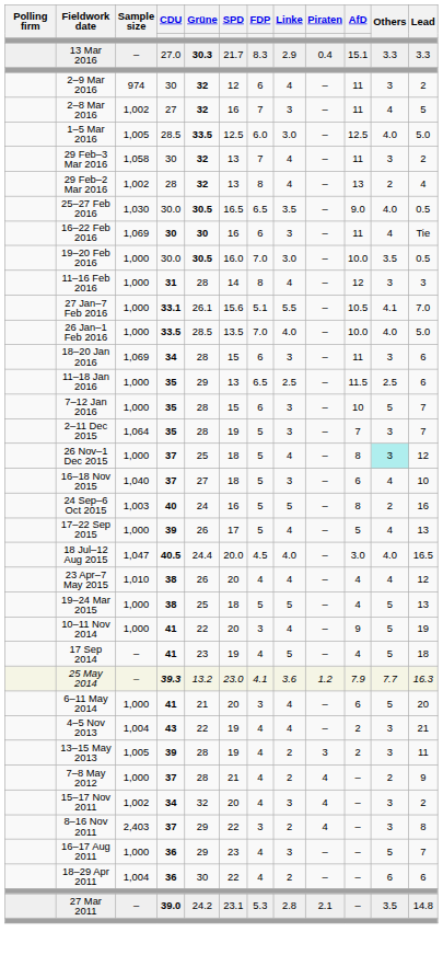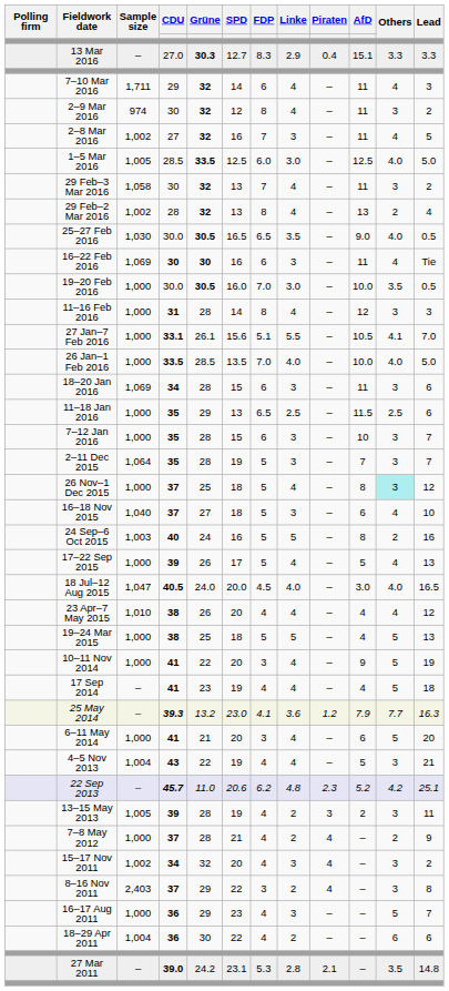 <table class="wikitable sortable" style="text-align:center;font-size:90%;line-height:14px;">
 <tr style="height:40px;">
 <th style="width:150px;" rowspan="2">Polling firm</th>
 <th style="width:125px;" rowspan="2">Fieldwork date</th>
 <th style="width:35px;" rowspan="2">Sample<br>size</th>
 <th class="unsortable" style="width:40px;"><a href='#'>CDU</a></th>
 <th class="unsortable" style="width:40px;"><a href='#'>Grüne</a></th>
 <th class="unsortable" style="width:40px;"><a href='#'>SPD</a></th>
 <th class="unsortable" style="width:40px;"><a href='#'>FDP</a></th>
 <th class="unsortable" style="width:40px;"><a href='#'>Linke</a></th>
 <th class="unsortable" style="width:40px;"><a href='#'>Piraten</a></th>
 <th class="unsortable" style="width:40px;"><a href='#'>AfD</a></th>
 <th class="unsortable" style="width:40px;" rowspan="2">Others</th>
 <th style="width:30px;" rowspan="2">Lead</th>
 </tr>
 <tr>
 <th style="background:"></th>
 <th style="background:"></th>
 <th style="background:"></th>
 <th style="background:"></th>
 <th style="background:"></th>
 <th style="background:"></th>
 <th style="background:"></th>
 </tr>
 <tr>
 <td colspan="12" style="background:#A0A0A0"></td>
 </tr>
 <tr style="background:#EFEFEF;">
 <td></td>
 <td data-sort-value="2016-03-13">13 Mar 2016</td>
 <td>–</td>
 <td>27.0</td>
 <td><strong>30.3</strong></td>
-<td>21.7</td>
+<td>12.7</td>
 <td>8.3</td>
 <td>2.9</td>
 <td>0.4</td>
 <td>15.1</td>
 <td>3.3</td>
 <td style="background:">3.3</td>
 </tr>
 <tr>
 <td colspan="12" style="background:#A0A0A0"></td>
 </tr>
 <tr>
 <td></td>
+<td data-sort-value="2016-03-10">7–10 Mar 2016</td>
+<td>1,711</td>
+<td>29</td>
+<td><strong>32</strong></td>
+<td>14</td>
+<td>6</td>
+<td>4</td>
+<td>–</td>
+<td>11</td>
+<td>4</td>
+<td style="background:">3</td>
+</tr>
+<tr>
+<td></td>
 <td data-sort-value="2016-03-09">2–9 Mar 2016</td>
 <td>974</td>
 <td>30</td>
 <td><strong>32</strong></td>
 <td>12</td>
-<td>6</td>
+<td>8</td>
 <td>4</td>
 <td>–</td>
 <td>11</td>
 <td>3</td>
 <td style="background:">2</td>
 </tr>
 <tr>
 <td></td>
 <td data-sort-value="2016-03-08">2–8 Mar 2016</td>
 <td>1,002</td>
 <td>27</td>
 <td><strong>32</strong></td>
 <td>16</td>
 <td>7</td>
 <td>3</td>
 <td>–</td>
 <td>11</td>
 <td>4</td>
 <td style="background:">5</td>
 </tr>
 <tr>
 <td></td>
 <td data-sort-value="2016-03-05">1–5 Mar 2016</td>
 <td>1,005</td>
 <td>28.5</td>
 <td><strong>33.5</strong></td>
 <td>12.5</td>
 <td>6.0</td>
 <td>3.0</td>
 <td>–</td>
 <td>12.5</td>
 <td>4.0</td>
 <td style="background:">5.0</td>
 </tr>
 <tr>
 <td></td>
 <td data-sort-value="2016-03-03">29 Feb–3 Mar 2016</td>
 <td>1,058</td>
 <td>30</td>
 <td><strong>32</strong></td>
 <td>13</td>
 <td>7</td>
 <td>4</td>
 <td>–</td>
 <td>11</td>
 <td>3</td>
 <td style="background:">2</td>
 </tr>
 <tr>
 <td></td>
 <td data-sort-value="2016-03-02">29 Feb–2 Mar 2016</td>
 <td>1,002</td>
 <td>28</td>
 <td><strong>32</strong></td>
 <td>13</td>
 <td>8</td>
 <td>4</td>
 <td>–</td>
 <td>13</td>
 <td>2</td>
 <td style="background:">4</td>
 </tr>
 <tr>
 <td></td>
 <td data-sort-value="2016-02-27">25–27 Feb 2016</td>
 <td>1,030</td>
 <td>30.0</td>
 <td><strong>30.5</strong></td>
 <td>16.5</td>
 <td>6.5</td>
 <td>3.5</td>
 <td>–</td>
 <td>9.0</td>
 <td>4.0</td>
 <td style="background:">0.5</td>
 </tr>
 <tr>
 <td></td>
 <td data-sort-value="2016-02-22">16–22 Feb 2016</td>
 <td>1,069</td>
 <td><strong>30</strong></td>
 <td><strong>30</strong></td>
 <td>16</td>
 <td>6</td>
 <td>3</td>
 <td>–</td>
 <td>11</td>
 <td>4</td>
 <td data-sort-value="0">Tie</td>
 </tr>
 <tr>
 <td></td>
 <td data-sort-value="2016-02-20">19–20 Feb 2016</td>
 <td>1,000</td>
 <td>30.0</td>
 <td><strong>30.5</strong></td>
 <td>16.0</td>
 <td>7.0</td>
 <td>3.0</td>
 <td>–</td>
 <td>10.0</td>
 <td>3.5</td>
 <td style="background:">0.5</td>
 </tr>
 <tr>
 <td></td>
 <td data-sort-value="2016-02-16">11–16 Feb 2016</td>
 <td>1,000</td>
 <td><strong>31</strong></td>
 <td>28</td>
 <td>14</td>
 <td>8</td>
 <td>4</td>
 <td>–</td>
 <td>12</td>
 <td>3</td>
 <td style="background:">3</td>
 </tr>
 <tr>
 <td></td>
 <td data-sort-value="2016-02-07">27 Jan–7 Feb 2016</td>
 <td>1,000</td>
 <td><strong>33.1</strong></td>
 <td>26.1</td>
 <td>15.6</td>
 <td>5.1</td>
 <td>5.5</td>
 <td>–</td>
 <td>10.5</td>
 <td>4.1</td>
 <td style="background:">7.0</td>
 </tr>
 <tr>
 <td></td>
 <td data-sort-value="2016-02-01">26 Jan–1 Feb 2016</td>
 <td>1,000</td>
 <td><strong>33.5</strong></td>
 <td>28.5</td>
 <td>13.5</td>
 <td>7.0</td>
 <td>4.0</td>
 <td>–</td>
 <td>10.0</td>
 <td>4.0</td>
 <td style="background:">5.0</td>
 </tr>
 <tr>
 <td></td>
 <td data-sort-value="2016-01-20">18–20 Jan 2016</td>
 <td>1,069</td>
 <td><strong>34</strong></td>
 <td>28</td>
 <td>15</td>
 <td>6</td>
 <td>3</td>
 <td>–</td>
 <td>11</td>
 <td>3</td>
 <td style="background:">6</td>
 </tr>
 <tr>
 <td></td>
 <td data-sort-value="2016-01-18">11–18 Jan 2016</td>
 <td>1,000</td>
 <td><strong>35</strong></td>
 <td>29</td>
 <td>13</td>
 <td>6.5</td>
 <td>2.5</td>
 <td>–</td>
 <td>11.5</td>
 <td>2.5</td>
 <td style="background:">6</td>
 </tr>
 <tr>
 <td></td>
 <td data-sort-value="2016-01-12">7–12 Jan 2016</td>
 <td>1,000</td>
 <td><strong>35</strong></td>
 <td>28</td>
 <td>15</td>
 <td>6</td>
 <td>3</td>
 <td>–</td>
 <td>10</td>
-<td>5</td>
+<td>3</td>
 <td style="background:">7</td>
 </tr>
 <tr>
 <td></td>
 <td data-sort-value="2015-12-11">2–11 Dec 2015</td>
 <td>1,064</td>
 <td><strong>35</strong></td>
 <td>28</td>
 <td>19</td>
 <td>5</td>
 <td>3</td>
 <td>–</td>
 <td>7</td>
 <td>3</td>
 <td style="background:">7</td>
 </tr>
 <tr>
 <td></td>
 <td data-sort-value="2015-12-01">26 Nov–1 Dec 2015</td>
 <td>1,000</td>
 <td><strong>37</strong></td>
 <td>25</td>
 <td>18</td>
 <td>5</td>
 <td>4</td>
 <td>–</td>
 <td>8</td>
 <td style="background: paleturquoise;">3</td>
 <td style="background:">12</td>
 </tr>
 <tr>
 <td></td>
 <td data-sort-value="2015-11-18">16–18 Nov 2015</td>
 <td>1,040</td>
 <td><strong>37</strong></td>
 <td>27</td>
 <td>18</td>
 <td>5</td>
 <td>3</td>
 <td>–</td>
 <td>6</td>
 <td>4</td>
 <td style="background:">10</td>
 </tr>
 <tr>
 <td></td>
 <td data-sort-value="2015-10-06">24 Sep–6 Oct 2015</td>
 <td>1,003</td>
 <td><strong>40</strong></td>
 <td>24</td>
 <td>16</td>
 <td>5</td>
 <td>5</td>
 <td>–</td>
 <td>8</td>
 <td>2</td>
 <td style="background:">16</td>
 </tr>
 <tr>
 <td></td>
 <td data-sort-value="2015-09-22">17–22 Sep 2015</td>
 <td>1,000</td>
 <td><strong>39</strong></td>
 <td>26</td>
 <td>17</td>
 <td>5</td>
 <td>4</td>
 <td>–</td>
 <td>5</td>
 <td>4</td>
 <td style="background:">13</td>
 </tr>
 <tr>
 <td></td>
 <td data-sort-value="2015-08-12">18 Jul–12 Aug 2015</td>
 <td>1,047</td>
 <td><strong>40.5</strong></td>
-<td>24.4</td>
+<td>24.0</td>
 <td>20.0</td>
 <td>4.5</td>
 <td>4.0</td>
 <td>–</td>
 <td>3.0</td>
 <td>4.0</td>
 <td style="background:">16.5</td>
 </tr>
 <tr>
 <td></td>
 <td data-sort-value="2015-05-07">23 Apr–7 May 2015</td>
 <td>1,010</td>
 <td><strong>38</strong></td>
 <td>26</td>
 <td>20</td>
 <td>4</td>
 <td>4</td>
 <td>–</td>
 <td>4</td>
 <td>4</td>
 <td style="background:">12</td>
 </tr>
 <tr>
 <td></td>
 <td data-sort-value="2015-03-24">19–24 Mar 2015</td>
 <td>1,000</td>
 <td><strong>38</strong></td>
 <td>25</td>
 <td>18</td>
 <td>5</td>
 <td>5</td>
 <td>–</td>
 <td>4</td>
 <td>5</td>
 <td style="background:">13</td>
 </tr>
 <tr>
 <td></td>
 <td data-sort-value="2014-11-11">10–11 Nov 2014</td>
 <td>1,000</td>
 <td><strong>41</strong></td>
 <td>22</td>
 <td>20</td>
 <td>3</td>
 <td>4</td>
 <td>–</td>
 <td>9</td>
 <td>5</td>
 <td style="background:">19</td>
 </tr>
 <tr>
 <td></td>
 <td data-sort-value="2014-09-17">17 Sep 2014</td>
 <td>–</td>
 <td><strong>41</strong></td>
 <td>23</td>
 <td>19</td>
 <td>4</td>
-<td>5</td>
+<td>4</td>
 <td>–</td>
 <td>4</td>
 <td>5</td>
 <td style="background:">18</td>
 </tr>
 <tr style="background:#F5F5E5;font-style:italic;">
 <td></td>
 <td data-sort-value="2014-05-25">25 May 2014</td>
 <td>–</td>
 <td><strong>39.3</strong></td>
 <td>13.2</td>
 <td>23.0</td>
 <td>4.1</td>
 <td>3.6</td>
 <td>1.2</td>
 <td>7.9</td>
 <td>7.7</td>
 <td style="background:">16.3</td>
 </tr>
 <tr>
 <td></td>
 <td data-sort-value="2014-05-11">6–11 May 2014</td>
 <td>1,000</td>
 <td><strong>41</strong></td>
 <td>21</td>
 <td>20</td>
 <td>3</td>
 <td>4</td>
 <td>–</td>
 <td>6</td>
 <td>5</td>
 <td style="background:">20</td>
 </tr>
 <tr>
 <td></td>
 <td data-sort-value="2013-11-05">4–5 Nov 2013</td>
 <td>1,004</td>
 <td><strong>43</strong></td>
 <td>22</td>
 <td>19</td>
 <td>4</td>
 <td>4</td>
 <td>–</td>
-<td>2</td>
+<td>5</td>
 <td>3</td>
 <td style="background:">21</td>
+</tr>
+<tr style="background:#E5E5F5;font-style:italic;">
+<td></td>
+<td data-sort-value="2013-09-22">22 Sep 2013</td>
+<td>–</td>
+<td><strong>45.7</strong></td>
+<td>11.0</td>
+<td>20.6</td>
+<td>6.2</td>
+<td>4.8</td>
+<td>2.3</td>
+<td>5.2</td>
+<td>4.2</td>
+<td style="background:">25.1</td>
 </tr>
 <tr>
 <td></td>
 <td data-sort-value="2013-05-15">13–15 May 2013</td>
 <td>1,005</td>
 <td><strong>39</strong></td>
 <td>28</td>
 <td>19</td>
 <td>4</td>
 <td>2</td>
 <td>3</td>
 <td>2</td>
 <td>3</td>
 <td style="background:">11</td>
 </tr>
 <tr>
 <td></td>
 <td data-sort-value="2012-05-08">7–8 May 2012</td>
 <td>1,000</td>
 <td><strong>37</strong></td>
 <td>28</td>
 <td>21</td>
 <td>4</td>
 <td>2</td>
 <td>4</td>
 <td>–</td>
 <td>2</td>
 <td style="background:">9</td>
 </tr>
 <tr>
 <td></td>
 <td data-sort-value="2011-11-17">15–17 Nov 2011</td>
 <td>1,002</td>
 <td><strong>34</strong></td>
 <td>32</td>
 <td>20</td>
 <td>4</td>
 <td>3</td>
 <td>4</td>
 <td>–</td>
 <td>3</td>
 <td style="background:">2</td>
 </tr>
 <tr>
 <td></td>
 <td data-sort-value="2011-11-16">8–16 Nov 2011</td>
 <td>2,403</td>
 <td><strong>37</strong></td>
 <td>29</td>
 <td>22</td>
 <td>3</td>
 <td>2</td>
 <td>4</td>
 <td>–</td>
 <td>3</td>
 <td style="background:">8</td>
 </tr>
 <tr>
 <td></td>
 <td data-sort-value="2011-08-17">16–17 Aug 2011</td>
 <td>1,000</td>
 <td><strong>36</strong></td>
 <td>29</td>
 <td>23</td>
 <td>4</td>
 <td>3</td>
 <td>–</td>
 <td>–</td>
 <td>5</td>
 <td style="background:">7</td>
 </tr>
 <tr>
 <td></td>
 <td data-sort-value="2011-04-29">18–29 Apr 2011</td>
 <td>1,004</td>
 <td><strong>36</strong></td>
 <td>30</td>
 <td>22</td>
 <td>4</td>
 <td>2</td>
 <td>–</td>
 <td>–</td>
 <td>6</td>
 <td style="background:">6</td>
 </tr>
 <tr>
 <td colspan="12" style="background:#A0A0A0"></td>
 </tr>
 <tr style="background:#EFEFEF;">
 <td></td>
 <td data-sort-value="2011-03-27">27 Mar 2011</td>
 <td>–</td>
 <td><strong>39.0</strong></td>
 <td>24.2</td>
 <td>23.1</td>
 <td>5.3</td>
 <td>2.8</td>
 <td>2.1</td>
 <td>–</td>
 <td>3.5</td>
 <td style="background:">14.8</td>
 </tr>
 <tr>
 <td colspan="12" style="background:#A0A0A0"></td>
 </tr>
 </table>
